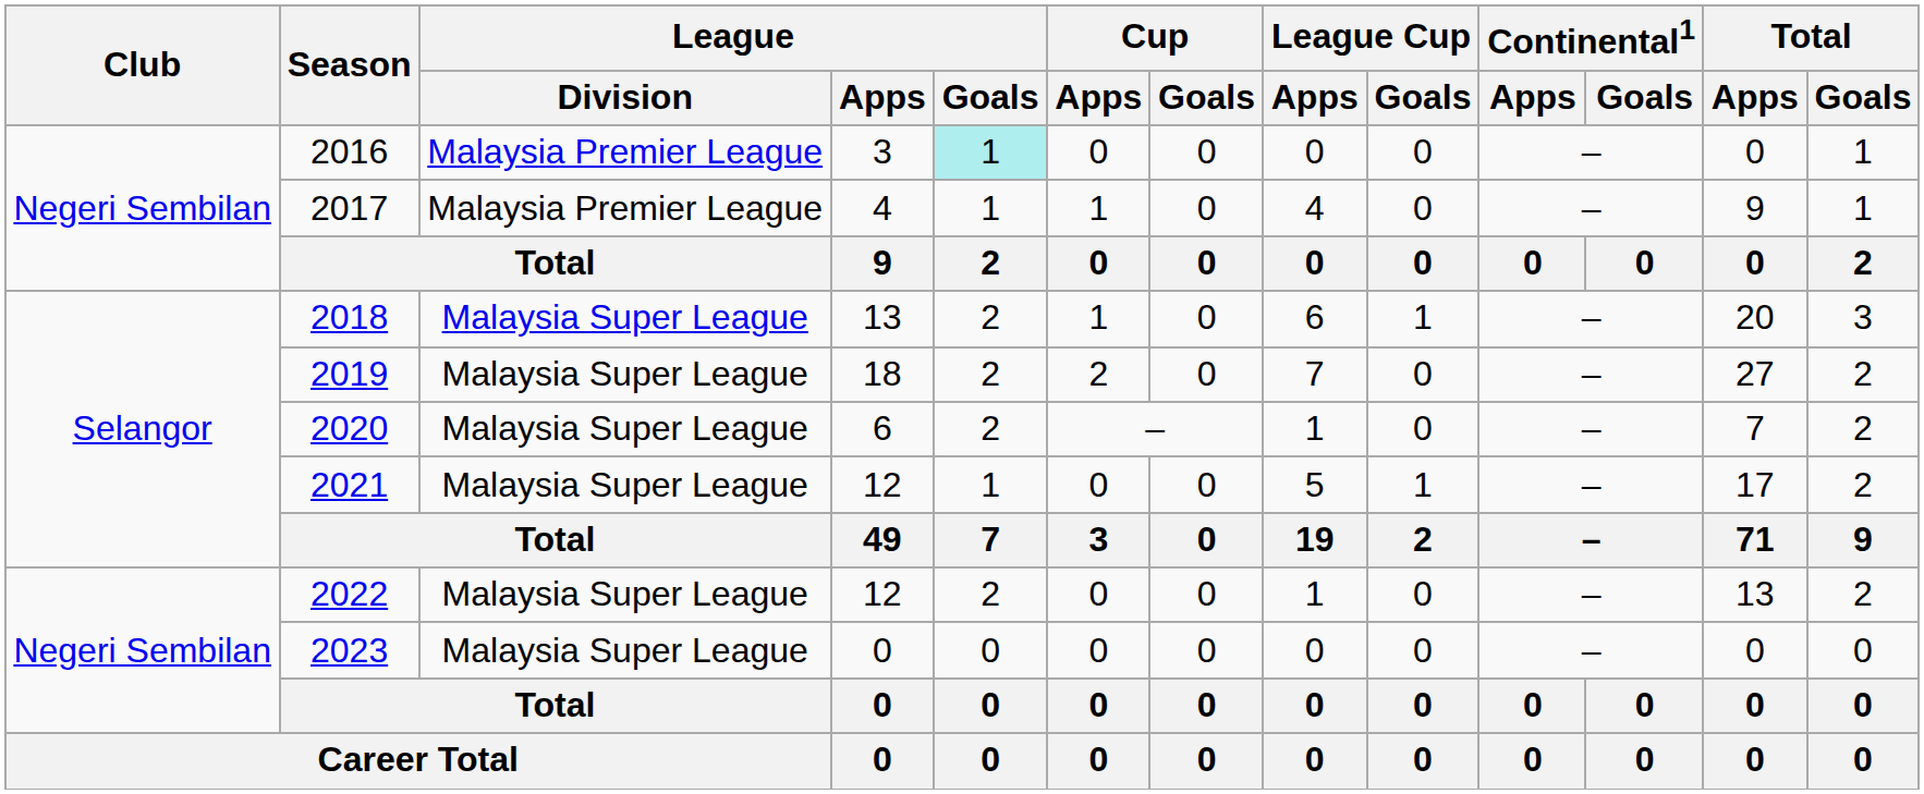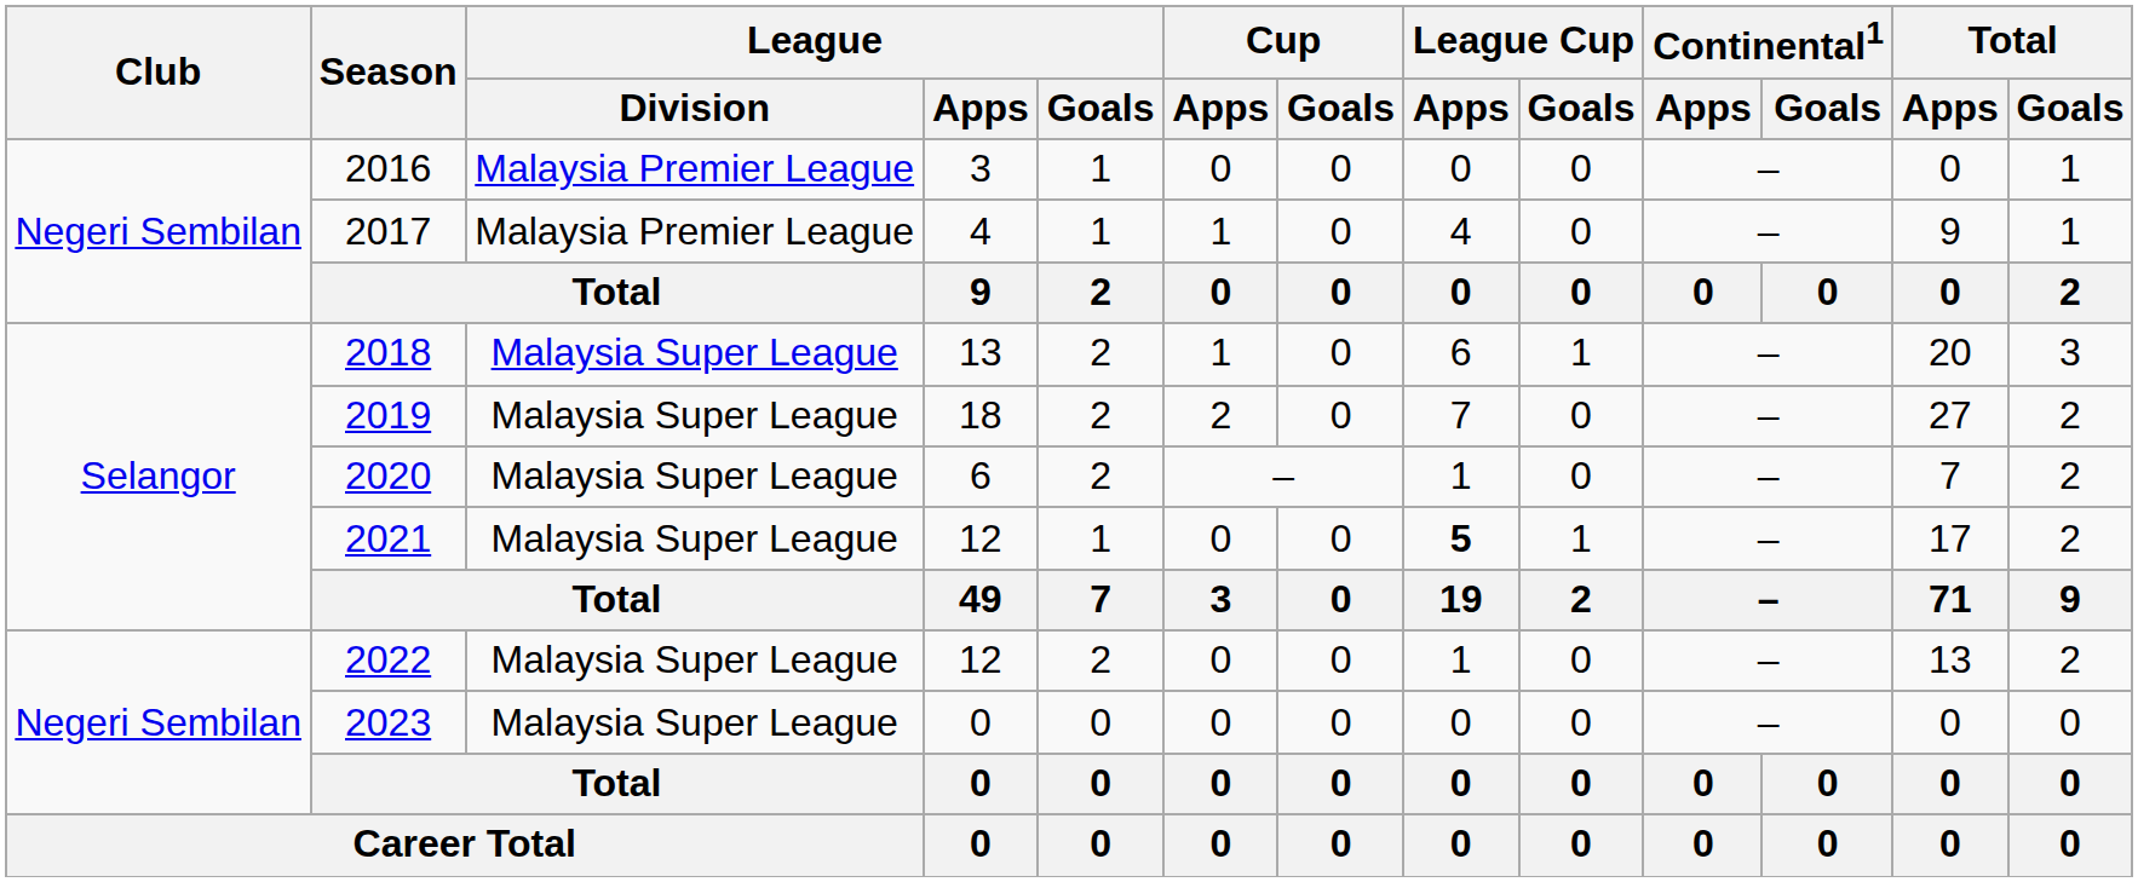 <table class=wikitable style="text-align:center">
 <tr>
 <th rowspan=2>Club</th>
 <th rowspan=2>Season</th>
 <th colspan=3>League</th>
 <th colspan=2>Cup</th>
 <th colspan=2>League Cup</th>
 <th colspan=2>Continental<sup>1</sup></th>
 <th colspan=2>Total</th>
 </tr>
 <tr>
 <th>Division</th>
 <th>Apps</th>
 <th>Goals</th>
 <th>Apps</th>
 <th>Goals</th>
 <th>Apps</th>
 <th>Goals</th>
 <th>Apps</th>
 <th>Goals</th>
 <th>Apps</th>
 <th>Goals</th>
 </tr>
 <tr>
 <td rowspan=3><a href='#'>Negeri Sembilan</a></td>
 <td>2016</td>
 <td><a href='#'>Malaysia Premier League</a></td>
 <td>3</td>
-<td style="background: paleturquoise;">1</td>
+<td>1</td>
 <td>0</td>
 <td>0</td>
 <td>0</td>
 <td>0</td>
 <td colspan=2>–</td>
 <td>0</td>
 <td>1</td>
 </tr>
 <tr>
 <td>2017</td>
 <td>Malaysia Premier League</td>
 <td>4</td>
 <td>1</td>
 <td>1</td>
 <td>0</td>
 <td>4</td>
 <td>0</td>
 <td colspan=2>–</td>
 <td>9</td>
 <td>1</td>
 </tr>
 <tr>
 <th colspan="2">Total</th>
 <th>9</th>
 <th>2</th>
 <th>0</th>
 <th>0</th>
 <th>0</th>
 <th>0</th>
 <th>0</th>
 <th>0</th>
 <th>0</th>
 <th>2</th>
 </tr>
 <tr>
 <td rowspan=5><a href='#'>Selangor</a></td>
 <td><a href='#'>2018</a></td>
 <td><a href='#'>Malaysia Super League</a></td>
 <td>13</td>
 <td>2</td>
 <td>1</td>
 <td>0</td>
 <td>6</td>
 <td>1</td>
 <td colspan=2>–</td>
 <td>20</td>
 <td>3</td>
 </tr>
 <tr>
 <td><a href='#'>2019</a></td>
 <td>Malaysia Super League</td>
 <td>18</td>
 <td>2</td>
 <td>2</td>
 <td>0</td>
 <td>7</td>
 <td>0</td>
 <td colspan=2>–</td>
 <td>27</td>
 <td>2</td>
 </tr>
 <tr>
 <td><a href='#'>2020</a></td>
 <td>Malaysia Super League</td>
 <td>6</td>
 <td>2</td>
 <td colspan=2>–</td>
 <td>1</td>
 <td>0</td>
 <td colspan=2>–</td>
 <td>7</td>
 <td>2</td>
 </tr>
 <tr>
 <td><a href='#'>2021</a></td>
 <td>Malaysia Super League</td>
 <td>12</td>
 <td>1</td>
 <td>0</td>
 <td>0</td>
-<td>5</td>
+<td><strong>5</strong></td>
 <td>1</td>
 <td colspan=2>–</td>
 <td>17</td>
 <td>2</td>
 </tr>
 <tr>
 <th colspan="2">Total</th>
 <th>49</th>
 <th>7</th>
 <th>3</th>
 <th>0</th>
 <th>19</th>
 <th>2</th>
 <th colspan=2>–</th>
 <th>71</th>
 <th>9</th>
 </tr>
 <tr>
 <td rowspan=3><a href='#'>Negeri Sembilan</a></td>
 <td><a href='#'>2022</a></td>
 <td>Malaysia Super League</td>
 <td>12</td>
 <td>2</td>
 <td>0</td>
 <td>0</td>
 <td>1</td>
 <td>0</td>
 <td colspan=2>–</td>
 <td>13</td>
 <td>2</td>
 </tr>
 <tr>
 <td><a href='#'>2023</a></td>
 <td>Malaysia Super League</td>
 <td>0</td>
 <td>0</td>
 <td>0</td>
 <td>0</td>
 <td>0</td>
 <td>0</td>
 <td colspan=2>–</td>
 <td>0</td>
 <td>0</td>
 </tr>
 <tr>
 <th colspan="2">Total</th>
 <th>0</th>
 <th>0</th>
 <th>0</th>
 <th>0</th>
 <th>0</th>
 <th>0</th>
 <th>0</th>
 <th>0</th>
 <th>0</th>
 <th>0</th>
 </tr>
 <tr>
 <th colspan="3">Career Total</th>
 <th>0</th>
 <th>0</th>
 <th>0</th>
 <th>0</th>
 <th>0</th>
 <th>0</th>
 <th>0</th>
 <th>0</th>
 <th>0</th>
 <th>0</th>
 </tr>
 </table>
